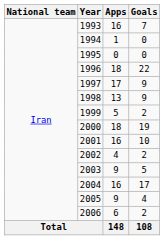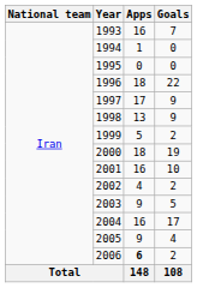 <table class="wikitable" style="text-align:center">
 <tr>
 <th>National team</th>
 <th>Year</th>
 <th>Apps</th>
 <th>Goals</th>
 </tr>
 <tr>
 <td rowspan="14"><a href='#'>Iran</a></td>
 <td>1993</td>
 <td>16</td>
 <td>7</td>
 </tr>
 <tr>
 <td>1994</td>
 <td>1</td>
 <td>0</td>
 </tr>
 <tr>
 <td>1995</td>
 <td>0</td>
 <td>0</td>
 </tr>
 <tr>
 <td>1996</td>
 <td>18</td>
 <td>22</td>
 </tr>
 <tr>
 <td>1997</td>
 <td>17</td>
 <td>9</td>
 </tr>
 <tr>
 <td>1998</td>
 <td>13</td>
 <td>9</td>
 </tr>
 <tr>
 <td>1999</td>
 <td>5</td>
 <td>2</td>
 </tr>
 <tr>
 <td>2000</td>
 <td>18</td>
 <td>19</td>
 </tr>
 <tr>
 <td>2001</td>
 <td>16</td>
 <td>10</td>
 </tr>
 <tr>
 <td>2002</td>
 <td>4</td>
 <td>2</td>
 </tr>
 <tr>
 <td>2003</td>
 <td>9</td>
 <td>5</td>
 </tr>
 <tr>
 <td>2004</td>
 <td>16</td>
 <td>17</td>
 </tr>
 <tr>
 <td>2005</td>
 <td>9</td>
 <td>4</td>
 </tr>
 <tr>
 <td>2006</td>
-<td>6</td>
+<td><strong>6</strong></td>
 <td>2</td>
 </tr>
 <tr>
 <th colspan="2">Total</th>
 <th>148</th>
 <th>108</th>
 </tr>
 </table>
